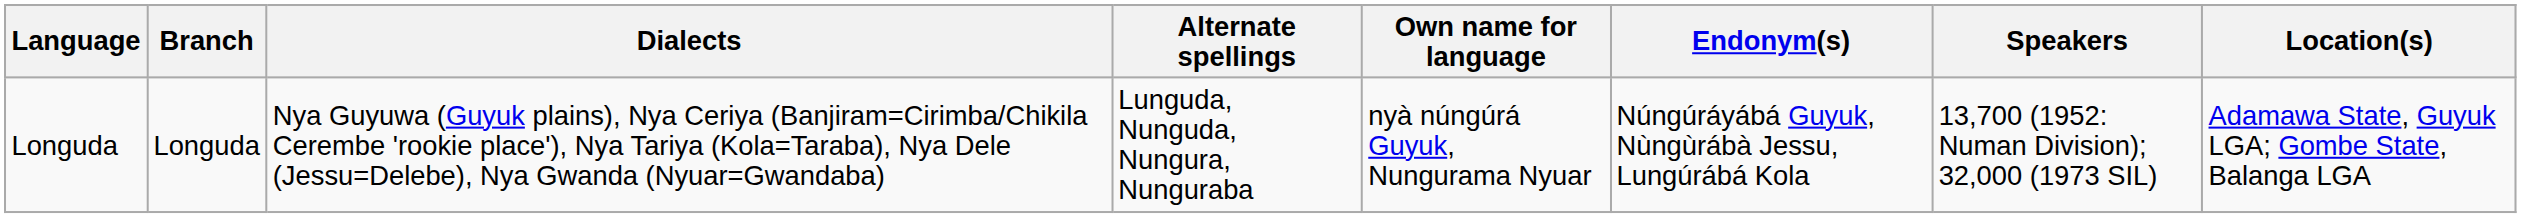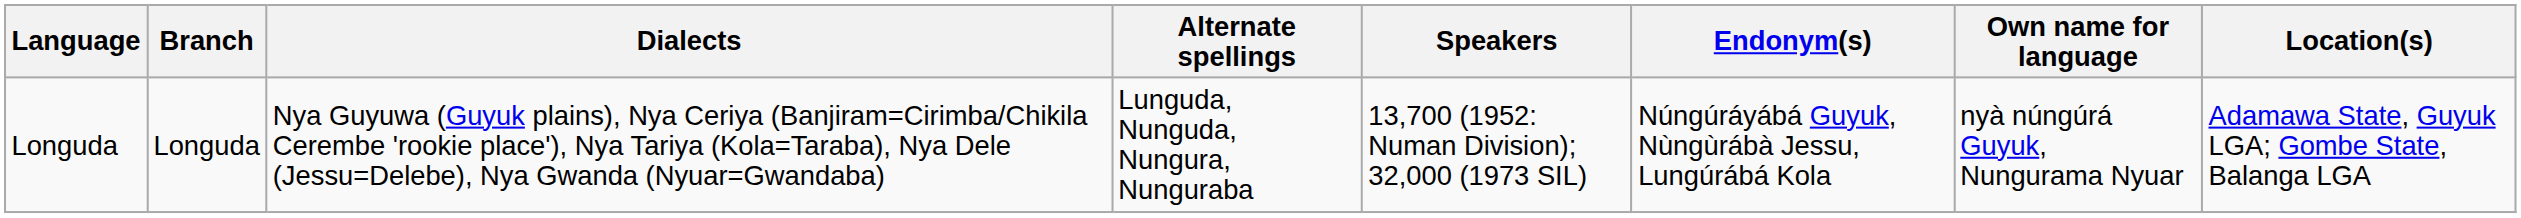 <table class="wikitable" | style="font-size: 85%;" |>
 <tr>
 <th>Language</th>
 <th>Branch</th>
 <th>Dialects</th>
 <th>Alternate spellings</th>
+<th>Speakers</th>
+<th><a href='#'>Endonym</a>(s)</th>
 <th>Own name for language</th>
-<th><a href='#'>Endonym</a>(s)</th>
-<th>Speakers</th>
 <th>Location(s)</th>
 </tr>
 <tr>
 <td>Longuda</td>
 <td>Longuda</td>
 <td>Nya Guyuwa (<a href='#'>Guyuk</a> plains), Nya Ceriya (Banjiram=Cirimba/Chikila Cerembe 'rookie place'), Nya Tariya (Kola=Taraba), Nya Dele (Jessu=Delebe), Nya Gwanda (Nyuar=Gwandaba)</td>
 <td>Lunguda, Nunguda, Nungura, Nunguraba</td>
+<td>13,700 (1952: Numan Division); 32,000 (1973 SIL)</td>
+<td>Núngúráyábá <a href='#'>Guyuk</a>, Nùngùrábà Jessu, Lungúrábá Kola</td>
 <td>nyà núngúrá <a href='#'>Guyuk</a>, Nungurama Nyuar</td>
-<td>Núngúráyábá <a href='#'>Guyuk</a>, Nùngùrábà Jessu, Lungúrábá Kola</td>
-<td>13,700 (1952: Numan Division); 32,000 (1973 SIL)</td>
 <td><a href='#'>Adamawa State</a>, <a href='#'>Guyuk</a> LGA; <a href='#'>Gombe State</a>, Balanga LGA</td>
 </tr>
 </table>
